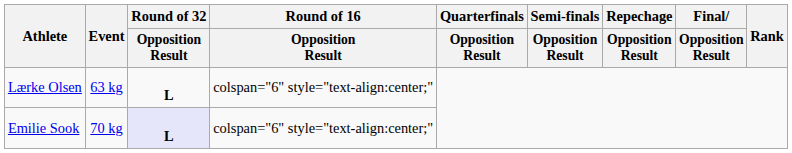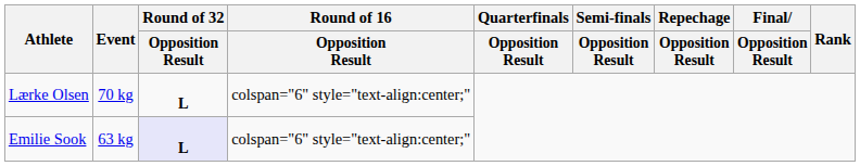 <table class=wikitable style="text-align:center; font-size:90%">
 <tr>
 <th rowspan="2">Athlete</th>
 <th rowspan="2">Event</th>
 <th>Round of 32</th>
 <th>Round of 16</th>
 <th>Quarterfinals</th>
 <th>Semi-finals</th>
 <th>Repechage</th>
 <th>Final/</th>
 <th rowspan=2>Rank</th>
 </tr>
 <tr style="font-size:95%">
 <th>Opposition<br>Result</th>
 <th>Opposition<br>Result</th>
 <th>Opposition<br>Result</th>
 <th>Opposition<br>Result</th>
 <th>Opposition<br>Result</th>
 <th>Opposition<br>Result</th>
 </tr>
 <tr>
 <td align=left><a href='#'>Lærke Olsen</a></td>
-<td><a href='#'>63 kg</a></td>
+<td><a href='#'>70 kg</a></td>
 <td style="text-align:center;"><br><strong>L</strong></td>
 <td>colspan="6" style="text-align:center;" </td>
 </tr>
 <tr>
 <td align=left><a href='#'>Emilie Sook</a></td>
-<td><a href='#'>70 kg</a></td>
+<td><a href='#'>63 kg</a></td>
 <td style="background: lavender; text-align:center;"><br><strong>L</strong></td>
 <td>colspan="6" style="text-align:center;" </td>
 </tr>
 </table>
